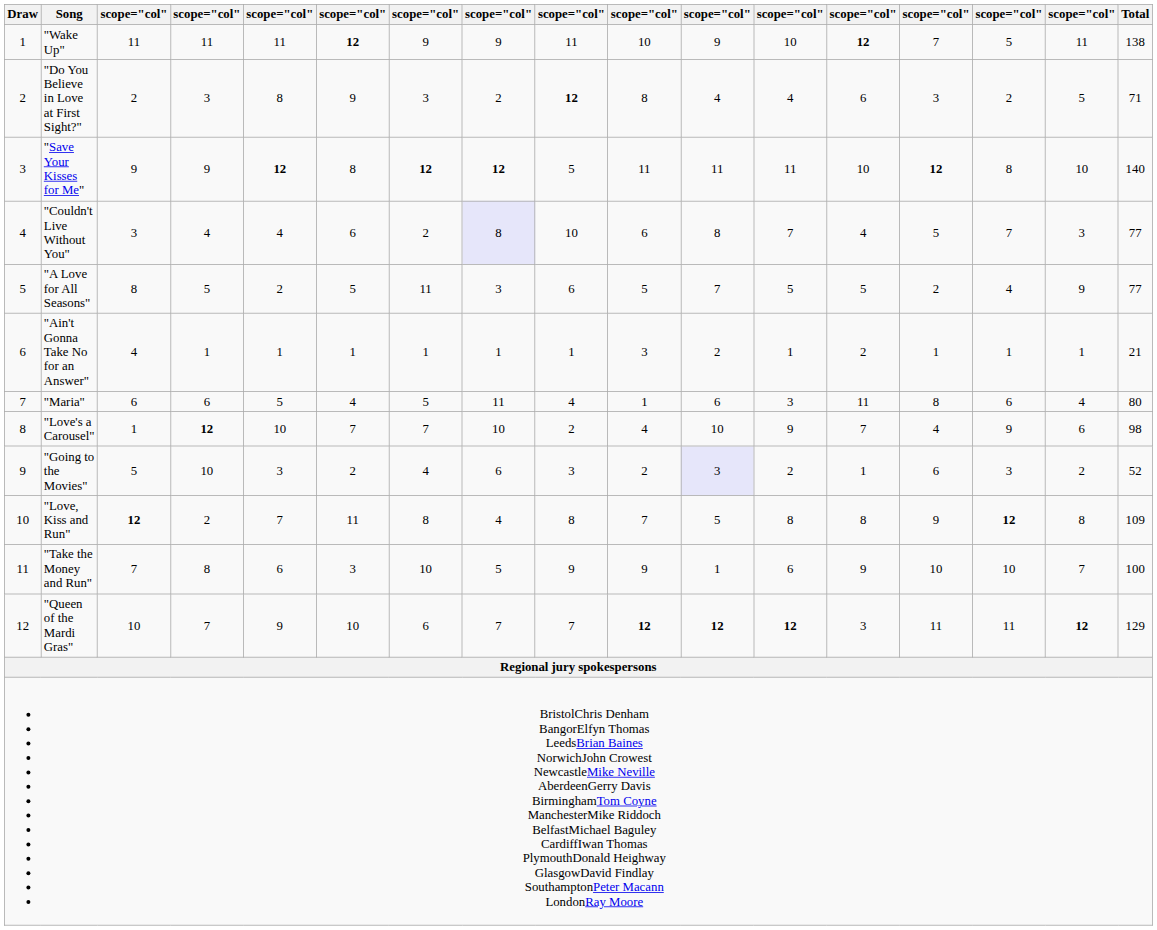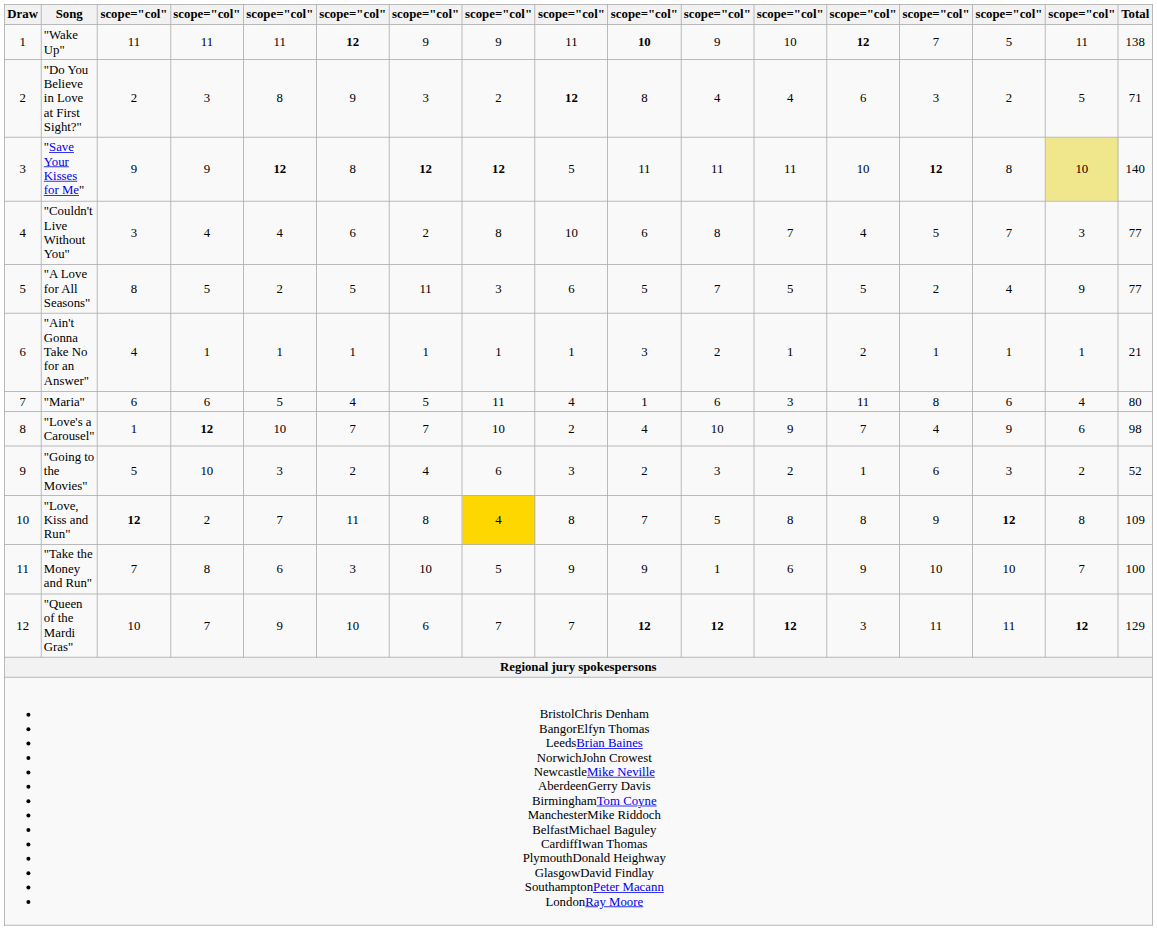 <table class="wikitable plainrowheaders" style="margin: 1em auto 1em auto; text-align:center;">
 <tr>
 <th scope="col">Draw</th>
 <th scope="col">Song</th>
 <th>scope="col" </th>
 <th>scope="col" </th>
 <th>scope="col" </th>
 <th>scope="col" </th>
 <th>scope="col" </th>
 <th>scope="col" </th>
 <th>scope="col" </th>
 <th>scope="col" </th>
 <th>scope="col" </th>
 <th>scope="col" </th>
 <th>scope="col" </th>
 <th>scope="col" </th>
 <th>scope="col" </th>
 <th>scope="col" </th>
 <th scope="col">Total</th>
 </tr>
 <tr>
 <td>1</td>
 <td align="left">"Wake Up"</td>
 <td>11</td>
 <td>11</td>
 <td>11</td>
 <td><strong>12</strong></td>
 <td>9</td>
 <td>9</td>
 <td>11</td>
-<td>10</td>
+<td><strong>10</strong></td>
 <td>9</td>
 <td>10</td>
 <td><strong>12</strong></td>
 <td>7</td>
 <td>5</td>
 <td>11</td>
 <td>138</td>
 </tr>
 <tr>
 <td>2</td>
 <td align="left">"Do You Believe in Love at First Sight?"</td>
 <td>2</td>
 <td>3</td>
 <td>8</td>
 <td>9</td>
 <td>3</td>
 <td>2</td>
 <td><strong>12</strong></td>
 <td>8</td>
 <td>4</td>
 <td>4</td>
 <td>6</td>
 <td>3</td>
 <td>2</td>
 <td>5</td>
 <td>71</td>
 </tr>
 <tr>
 <td>3</td>
 <td align="left">"<a href='#'>Save Your Kisses for Me</a>"</td>
 <td>9</td>
 <td>9</td>
 <td><strong>12</strong></td>
 <td>8</td>
 <td><strong>12</strong></td>
 <td><strong>12</strong></td>
 <td>5</td>
 <td>11</td>
 <td>11</td>
 <td>11</td>
 <td>10</td>
 <td><strong>12</strong></td>
 <td>8</td>
-<td>10</td>
+<td style="background: khaki;">10</td>
 <td>140</td>
 </tr>
 <tr>
 <td>4</td>
 <td align="left">"Couldn't Live Without You"</td>
 <td>3</td>
 <td>4</td>
 <td>4</td>
 <td>6</td>
 <td>2</td>
-<td style="background: lavender;">8</td>
+<td>8</td>
 <td>10</td>
 <td>6</td>
 <td>8</td>
 <td>7</td>
 <td>4</td>
 <td>5</td>
 <td>7</td>
 <td>3</td>
 <td>77</td>
 </tr>
 <tr>
 <td>5</td>
 <td align="left">"A Love for All Seasons"</td>
 <td>8</td>
 <td>5</td>
 <td>2</td>
 <td>5</td>
 <td>11</td>
 <td>3</td>
 <td>6</td>
 <td>5</td>
 <td>7</td>
 <td>5</td>
 <td>5</td>
 <td>2</td>
 <td>4</td>
 <td>9</td>
 <td>77</td>
 </tr>
 <tr>
 <td>6</td>
 <td align="left">"Ain't Gonna Take No for an Answer"</td>
 <td>4</td>
 <td>1</td>
 <td>1</td>
 <td>1</td>
 <td>1</td>
 <td>1</td>
 <td>1</td>
 <td>3</td>
 <td>2</td>
 <td>1</td>
 <td>2</td>
 <td>1</td>
 <td>1</td>
 <td>1</td>
 <td>21</td>
 </tr>
 <tr>
 <td>7</td>
 <td align="left">"Maria"</td>
 <td>6</td>
 <td>6</td>
 <td>5</td>
 <td>4</td>
 <td>5</td>
 <td>11</td>
 <td>4</td>
 <td>1</td>
 <td>6</td>
 <td>3</td>
 <td>11</td>
 <td>8</td>
 <td>6</td>
 <td>4</td>
 <td>80</td>
 </tr>
 <tr>
 <td>8</td>
 <td align="left">"Love's a Carousel"</td>
 <td>1</td>
 <td><strong>12</strong></td>
 <td>10</td>
 <td>7</td>
 <td>7</td>
 <td>10</td>
 <td>2</td>
 <td>4</td>
 <td>10</td>
 <td>9</td>
 <td>7</td>
 <td>4</td>
 <td>9</td>
 <td>6</td>
 <td>98</td>
 </tr>
 <tr>
 <td>9</td>
 <td align="left">"Going to the Movies"</td>
 <td>5</td>
 <td>10</td>
 <td>3</td>
 <td>2</td>
 <td>4</td>
 <td>6</td>
 <td>3</td>
 <td>2</td>
-<td style="background: lavender;">3</td>
+<td>3</td>
 <td>2</td>
 <td>1</td>
 <td>6</td>
 <td>3</td>
 <td>2</td>
 <td>52</td>
 </tr>
 <tr>
 <td>10</td>
 <td align="left">"Love, Kiss and Run"</td>
 <td><strong>12</strong></td>
 <td>2</td>
 <td>7</td>
 <td>11</td>
 <td>8</td>
-<td>4</td>
+<td style="background: gold;">4</td>
 <td>8</td>
 <td>7</td>
 <td>5</td>
 <td>8</td>
 <td>8</td>
 <td>9</td>
 <td><strong>12</strong></td>
 <td>8</td>
 <td>109</td>
 </tr>
 <tr>
 <td>11</td>
 <td align="left">"Take the Money and Run"</td>
 <td>7</td>
 <td>8</td>
 <td>6</td>
 <td>3</td>
 <td>10</td>
 <td>5</td>
 <td>9</td>
 <td>9</td>
 <td>1</td>
 <td>6</td>
 <td>9</td>
 <td>10</td>
 <td>10</td>
 <td>7</td>
 <td>100</td>
 </tr>
 <tr>
 <td>12</td>
 <td align="left">"Queen of the Mardi Gras"</td>
 <td>10</td>
 <td>7</td>
 <td>9</td>
 <td>10</td>
 <td>6</td>
 <td>7</td>
 <td>7</td>
 <td><strong>12</strong></td>
 <td><strong>12</strong></td>
 <td><strong>12</strong></td>
 <td>3</td>
 <td>11</td>
 <td>11</td>
 <td><strong>12</strong></td>
 <td>129</td>
 </tr>
 <tr class="sortbottom">
 <th colspan="17">Regional jury spokespersons</th>
 </tr>
 <tr class="sortbottom">
 <td colspan="17"><br><ul><li>BristolChris Denham</li><li>BangorElfyn Thomas</li><li>Leeds<a href='#'>Brian Baines</a></li><li>NorwichJohn Crowest</li><li>Newcastle<a href='#'>Mike Neville</a></li><li>AberdeenGerry Davis</li><li>Birmingham<a href='#'>Tom Coyne</a></li><li>ManchesterMike Riddoch</li><li>BelfastMichael Baguley</li><li>CardiffIwan Thomas</li><li>PlymouthDonald Heighway</li><li>GlasgowDavid Findlay</li><li>Southampton<a href='#'>Peter Macann</a></li><li>London<a href='#'>Ray Moore</a></li></ul></td>
 </tr>
 </table>
